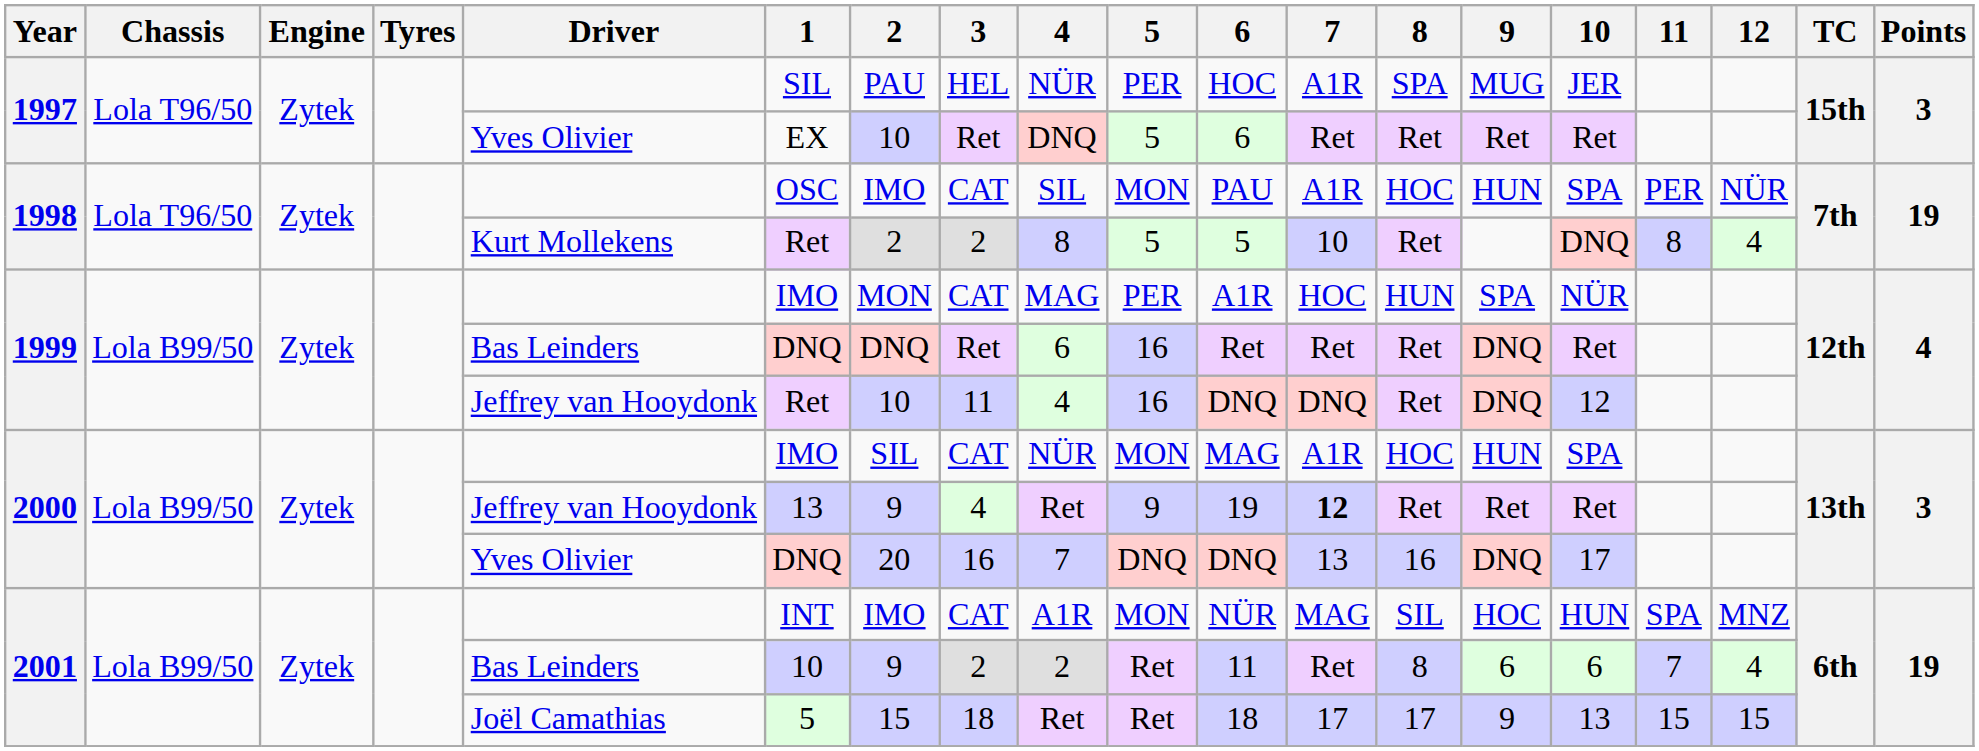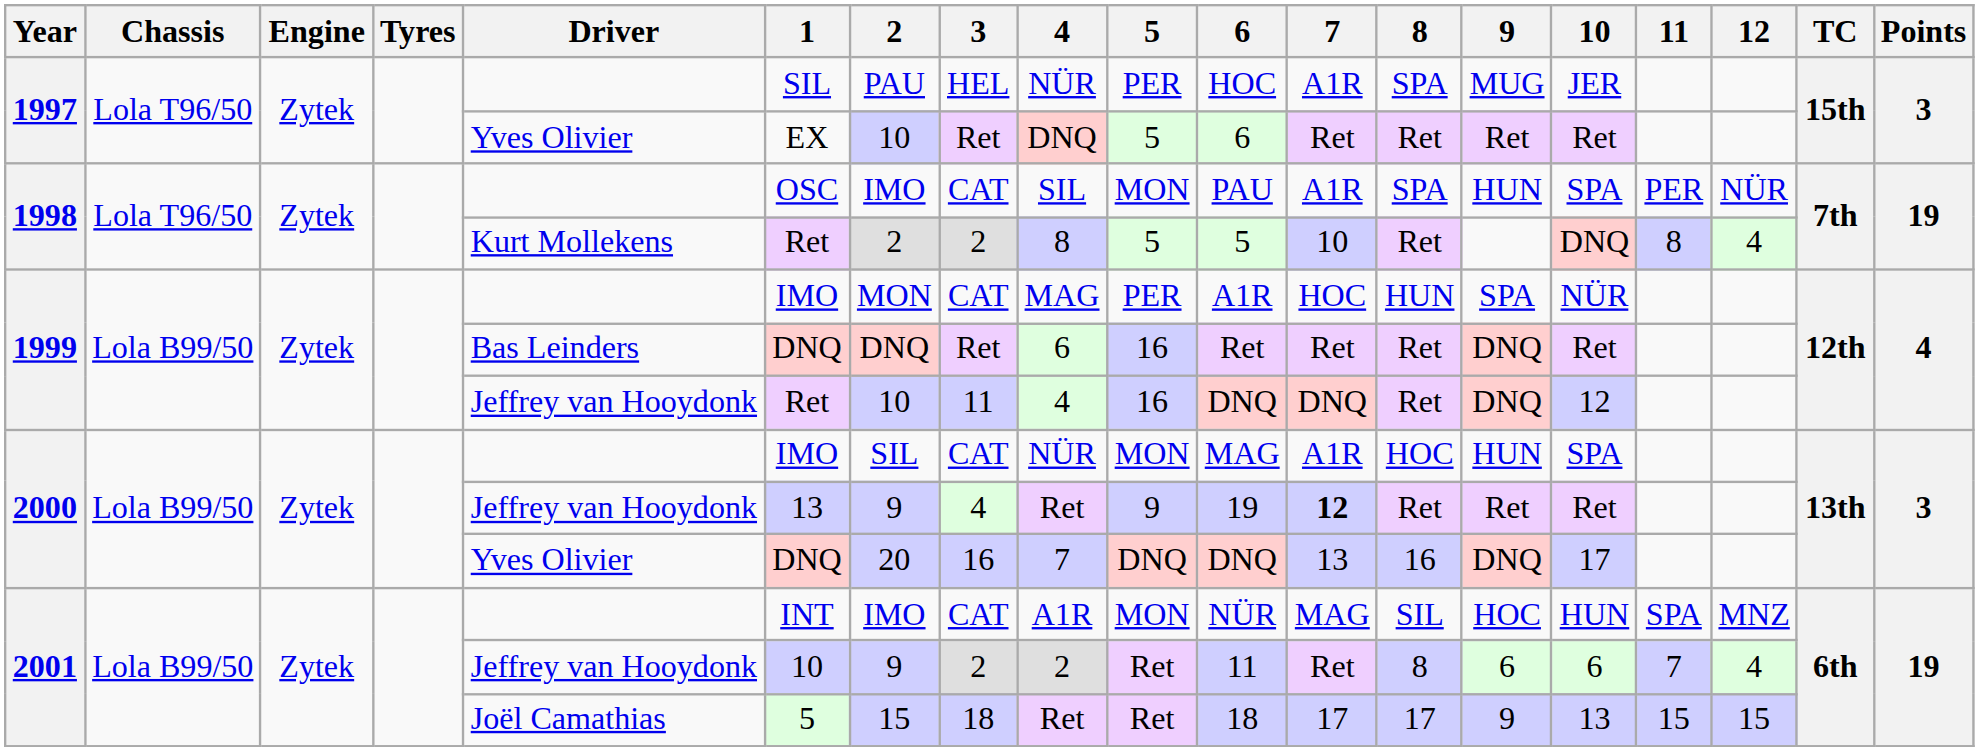 <table class="wikitable" style="text-align:center; font-size:85%">
 <tr>
 <th>Year</th>
 <th>Chassis</th>
 <th>Engine</th>
 <th>Tyres</th>
 <th>Driver</th>
 <th>1</th>
 <th>2</th>
 <th>3</th>
 <th>4</th>
 <th>5</th>
 <th>6</th>
 <th>7</th>
 <th>8</th>
 <th>9</th>
 <th>10</th>
 <th>11</th>
 <th>12</th>
 <th>TC</th>
 <th>Points</th>
 </tr>
 <tr>
 <th rowspan="2"><a href='#'>1997</a></th>
 <td rowspan="2"><a href='#'>Lola T96/50</a></td>
 <td rowspan="2"><a href='#'>Zytek</a></td>
 <td rowspan="2"></td>
 <td></td>
 <td><a href='#'>SIL</a></td>
 <td><a href='#'>PAU</a></td>
 <td><a href='#'>HEL</a></td>
 <td><a href='#'>NÜR</a></td>
 <td><a href='#'>PER</a></td>
 <td><a href='#'>HOC</a></td>
 <td><a href='#'>A1R</a></td>
 <td><a href='#'>SPA</a></td>
 <td><a href='#'>MUG</a></td>
 <td><a href='#'>JER</a></td>
 <td></td>
 <td></td>
 <th rowspan="2">15th</th>
 <th rowspan="2">3</th>
 </tr>
 <tr>
 <td align="left"> <a href='#'>Yves Olivier</a></td>
 <td>EX</td>
 <td style="background:#CFCFFF;">10</td>
 <td style="background:#EFCFFF;">Ret</td>
 <td style="background:#FFCFCF;">DNQ</td>
 <td style="background:#DFFFDF;">5</td>
 <td style="background:#DFFFDF;">6</td>
 <td style="background:#EFCFFF;">Ret</td>
 <td style="background:#EFCFFF;">Ret</td>
 <td style="background:#EFCFFF;">Ret</td>
 <td style="background:#EFCFFF;">Ret</td>
 <td></td>
 <td></td>
 </tr>
 <tr>
 <th rowspan="2"><a href='#'>1998</a></th>
 <td rowspan="2"><a href='#'>Lola T96/50</a></td>
 <td rowspan="2"><a href='#'>Zytek</a></td>
 <td rowspan="2"></td>
 <td></td>
 <td><a href='#'>OSC</a></td>
 <td><a href='#'>IMO</a></td>
 <td><a href='#'>CAT</a></td>
 <td><a href='#'>SIL</a></td>
 <td><a href='#'>MON</a></td>
 <td><a href='#'>PAU</a></td>
 <td><a href='#'>A1R</a></td>
-<td><a href='#'>HOC</a></td>
+<td><a href='#'>SPA</a></td>
 <td><a href='#'>HUN</a></td>
 <td><a href='#'>SPA</a></td>
 <td><a href='#'>PER</a></td>
 <td><a href='#'>NÜR</a></td>
 <th rowspan="2">7th</th>
 <th rowspan="2">19</th>
 </tr>
 <tr>
 <td align="left"> <a href='#'>Kurt Mollekens</a></td>
 <td style="background:#EFCFFF;">Ret</td>
 <td style="background:#DFDFDF;">2</td>
 <td style="background:#DFDFDF;">2</td>
 <td style="background:#CFCFFF;">8</td>
 <td style="background:#DFFFDF;">5</td>
 <td style="background:#DFFFDF;">5</td>
 <td style="background:#CFCFFF;">10</td>
 <td style="background:#EFCFFF;">Ret</td>
 <td></td>
 <td style="background:#FFCFCF;">DNQ</td>
 <td style="background:#CFCFFF;">8</td>
 <td style="background:#DFFFDF;">4</td>
 </tr>
 <tr>
 <th rowspan="3"><a href='#'>1999</a></th>
 <td rowspan="3"><a href='#'>Lola B99/50</a></td>
 <td rowspan="3"><a href='#'>Zytek</a></td>
 <td rowspan="3"></td>
 <td></td>
 <td><a href='#'>IMO</a></td>
 <td><a href='#'>MON</a></td>
 <td><a href='#'>CAT</a></td>
 <td><a href='#'>MAG</a></td>
 <td><a href='#'>PER</a></td>
 <td><a href='#'>A1R</a></td>
 <td><a href='#'>HOC</a></td>
 <td><a href='#'>HUN</a></td>
 <td><a href='#'>SPA</a></td>
 <td><a href='#'>NÜR</a></td>
 <td></td>
 <td></td>
 <th rowspan="3">12th</th>
 <th rowspan="3">4</th>
 </tr>
 <tr>
 <td align="left"> <a href='#'>Bas Leinders</a></td>
 <td style="background:#FFCFCF;">DNQ</td>
 <td style="background:#FFCFCF;">DNQ</td>
 <td style="background:#EFCFFF;">Ret</td>
 <td style="background:#DFFFDF;">6</td>
 <td style="background:#CFCFFF;">16</td>
 <td style="background:#EFCFFF;">Ret</td>
 <td style="background:#EFCFFF;">Ret</td>
 <td style="background:#EFCFFF;">Ret</td>
 <td style="background:#FFCFCF;">DNQ</td>
 <td style="background:#EFCFFF;">Ret</td>
 <td></td>
 <td></td>
 </tr>
 <tr>
 <td align="left"> <a href='#'>Jeffrey van Hooydonk</a></td>
 <td style="background:#EFCFFF;">Ret</td>
 <td style="background:#CFCFFF;">10</td>
 <td style="background:#CFCFFF;">11</td>
 <td style="background:#DFFFDF;">4</td>
 <td style="background:#CFCFFF;">16</td>
 <td style="background:#FFCFCF;">DNQ</td>
 <td style="background:#FFCFCF;">DNQ</td>
 <td style="background:#EFCFFF;">Ret</td>
 <td style="background:#FFCFCF;">DNQ</td>
 <td style="background:#CFCFFF;">12</td>
 <td></td>
 <td></td>
 </tr>
 <tr>
 <th rowspan="3"><a href='#'>2000</a></th>
 <td rowspan="3"><a href='#'>Lola B99/50</a></td>
 <td rowspan="3"><a href='#'>Zytek</a></td>
 <td rowspan="3"></td>
 <td></td>
 <td><a href='#'>IMO</a></td>
 <td><a href='#'>SIL</a></td>
 <td><a href='#'>CAT</a></td>
 <td><a href='#'>NÜR</a></td>
 <td><a href='#'>MON</a></td>
 <td><a href='#'>MAG</a></td>
 <td><a href='#'>A1R</a></td>
 <td><a href='#'>HOC</a></td>
 <td><a href='#'>HUN</a></td>
 <td><a href='#'>SPA</a></td>
 <td></td>
 <td></td>
 <th rowspan="3">13th</th>
 <th rowspan="3">3</th>
 </tr>
 <tr>
 <td align="left"> <a href='#'>Jeffrey van Hooydonk</a></td>
 <td style="background:#CFCFFF;">13</td>
 <td style="background:#CFCFFF;">9</td>
 <td style="background:#DFFFDF;">4</td>
 <td style="background:#EFCFFF;">Ret</td>
 <td style="background:#CFCFFF;">9</td>
 <td style="background:#CFCFFF;">19</td>
 <td style="background:#CFCFFF;"><strong>12</strong></td>
 <td style="background:#EFCFFF;">Ret</td>
 <td style="background:#EFCFFF;">Ret</td>
 <td style="background:#EFCFFF;">Ret</td>
 <td></td>
 <td></td>
 </tr>
 <tr>
 <td align="left"> <a href='#'>Yves Olivier</a></td>
 <td style="background:#FFCFCF;">DNQ</td>
 <td style="background:#CFCFFF;">20</td>
 <td style="background:#CFCFFF;">16</td>
 <td style="background:#CFCFFF;">7</td>
 <td style="background:#FFCFCF;">DNQ</td>
 <td style="background:#FFCFCF;">DNQ</td>
 <td style="background:#CFCFFF;">13</td>
 <td style="background:#CFCFFF;">16</td>
 <td style="background:#FFCFCF;">DNQ</td>
 <td style="background:#CFCFFF;">17</td>
 <td></td>
 <td></td>
 </tr>
 <tr>
 <th rowspan="3"><a href='#'>2001</a></th>
 <td rowspan="3"><a href='#'>Lola B99/50</a></td>
 <td rowspan="3"><a href='#'>Zytek</a></td>
 <td rowspan="3"></td>
 <td></td>
 <td><a href='#'>INT</a></td>
 <td><a href='#'>IMO</a></td>
 <td><a href='#'>CAT</a></td>
 <td><a href='#'>A1R</a></td>
 <td><a href='#'>MON</a></td>
 <td><a href='#'>NÜR</a></td>
 <td><a href='#'>MAG</a></td>
 <td><a href='#'>SIL</a></td>
 <td><a href='#'>HOC</a></td>
 <td><a href='#'>HUN</a></td>
 <td><a href='#'>SPA</a></td>
 <td><a href='#'>MNZ</a></td>
 <th rowspan="3">6th</th>
 <th rowspan="3">19</th>
 </tr>
 <tr>
-<td align="left"> <a href='#'>Bas Leinders</a></td>
+<td align="left"> <a href='#'>Jeffrey van Hooydonk</a></td>
 <td style="background:#CFCFFF;">10</td>
 <td style="background:#CFCFFF;">9</td>
 <td style="background:#DFDFDF;">2</td>
 <td style="background:#DFDFDF;">2</td>
 <td style="background:#EFCFFF;">Ret</td>
 <td style="background:#CFCFFF;">11</td>
 <td style="background:#EFCFFF;">Ret</td>
 <td style="background:#CFCFFF;">8</td>
 <td style="background:#DFFFDF;">6</td>
 <td style="background:#DFFFDF;">6</td>
 <td style="background:#CFCFFF;">7</td>
 <td style="background:#DFFFDF;">4</td>
 </tr>
 <tr>
 <td align="left"> <a href='#'>Joël Camathias</a></td>
 <td style="background:#DFFFDF;">5</td>
 <td style="background:#CFCFFF;">15</td>
 <td style="background:#CFCFFF;">18</td>
 <td style="background:#EFCFFF;">Ret</td>
 <td style="background:#EFCFFF;">Ret</td>
 <td style="background:#CFCFFF;">18</td>
 <td style="background:#CFCFFF;">17</td>
 <td style="background:#CFCFFF;">17</td>
 <td style="background:#CFCFFF;">9</td>
 <td style="background:#CFCFFF;">13</td>
 <td style="background:#CFCFFF;">15</td>
 <td style="background:#CFCFFF;">15</td>
 </tr>
 </table>
